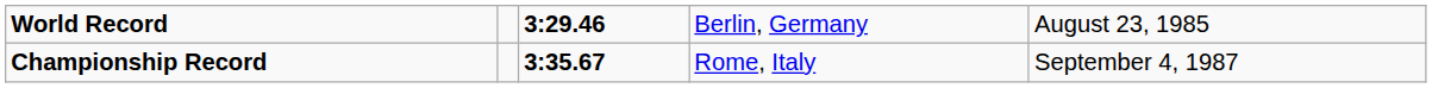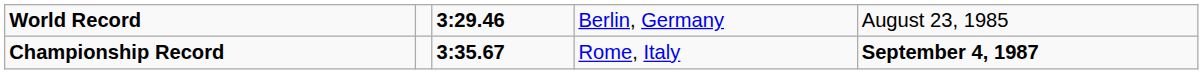 <table class="wikitable" width=75%>
 <tr>
 <td><strong>World Record</strong></td>
 <td></td>
 <td><strong>3:29.46</strong></td>
 <td><a href='#'>Berlin</a>, <a href='#'>Germany</a></td>
 <td>August 23, 1985</td>
 </tr>
 <tr>
 <td><strong>Championship Record</strong></td>
 <td></td>
 <td><strong>3:35.67</strong></td>
 <td><a href='#'>Rome</a>, <a href='#'>Italy</a></td>
-<td>September 4, 1987</td>
+<td><strong>September 4, 1987</strong></td>
 </tr>
 </table>
